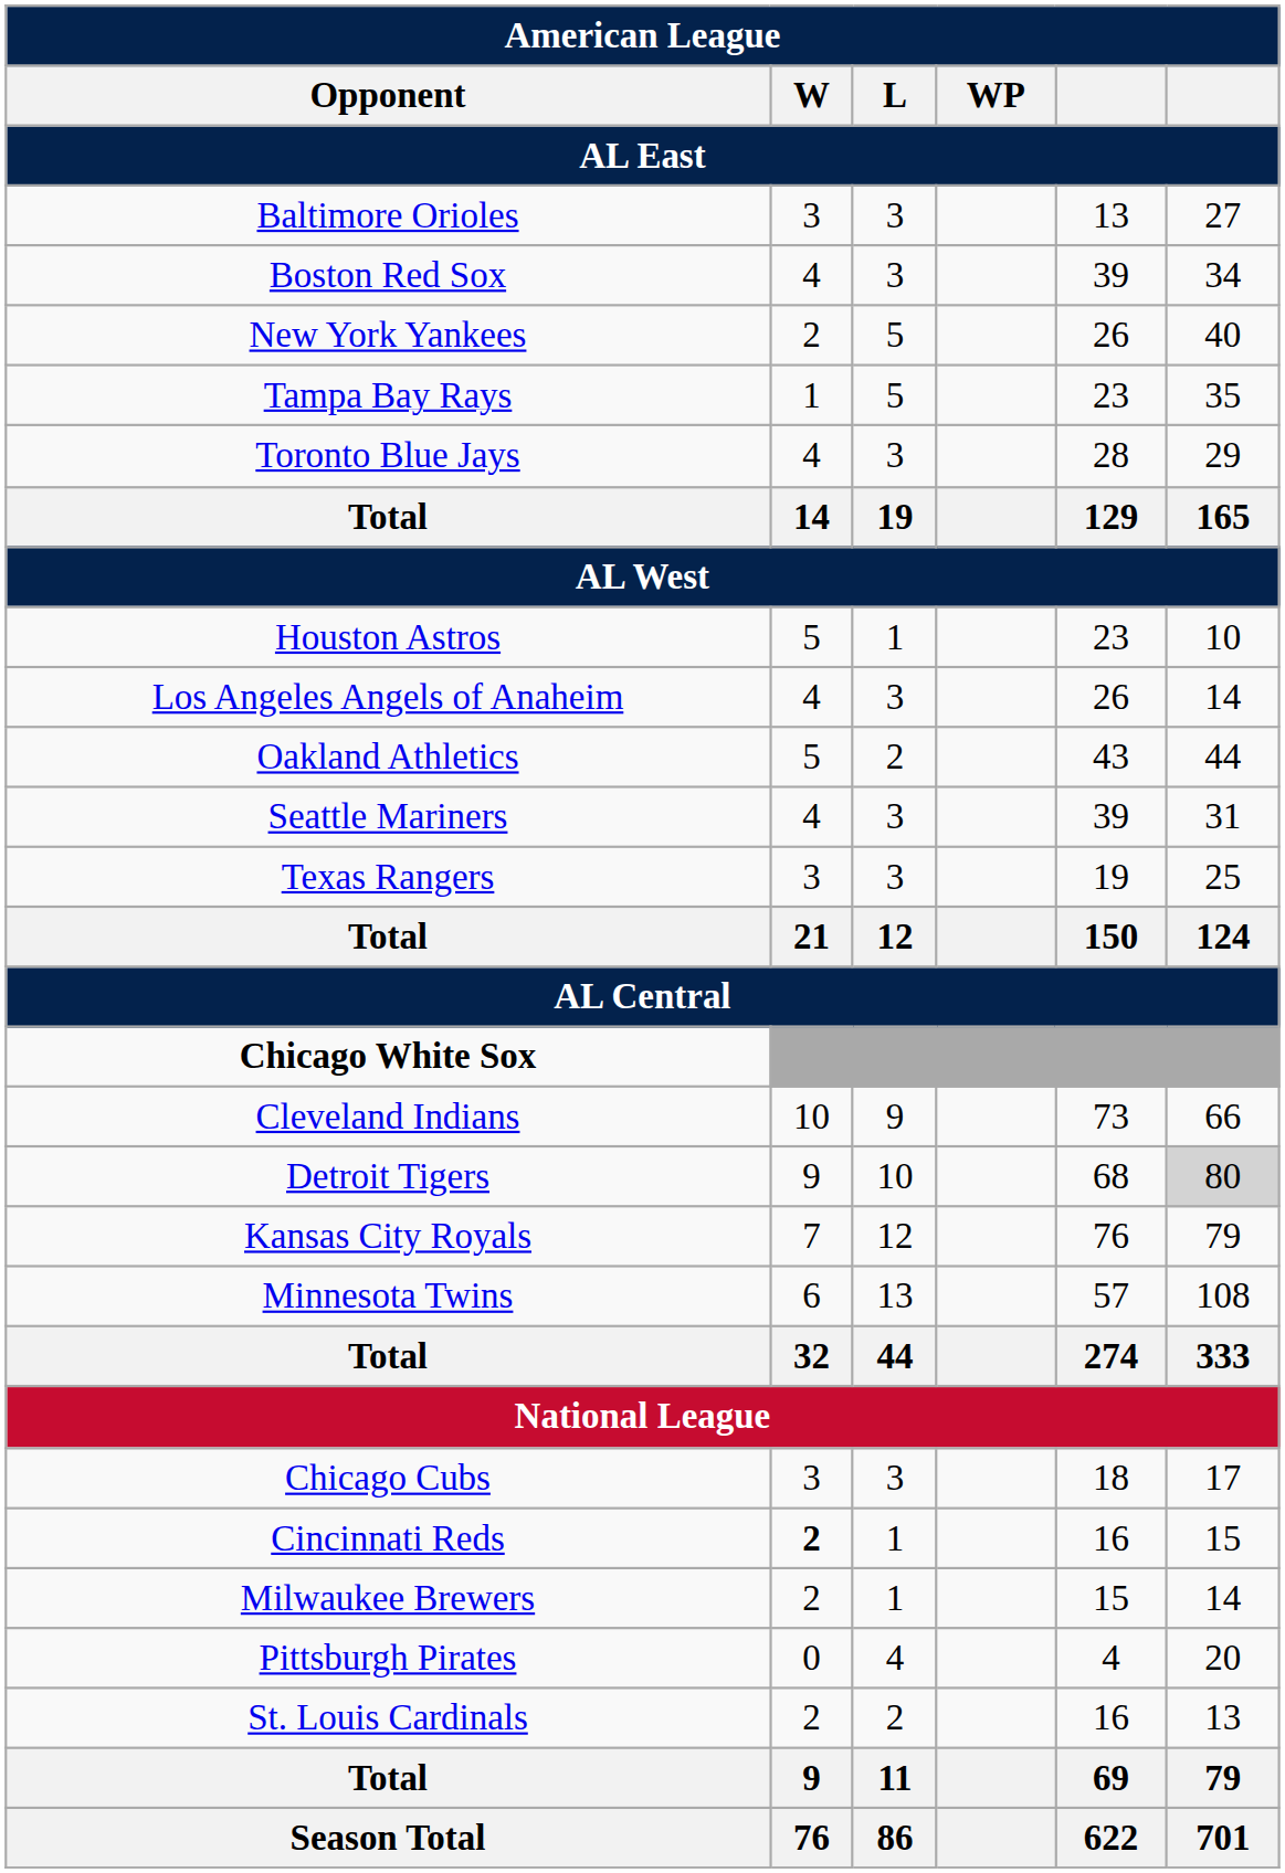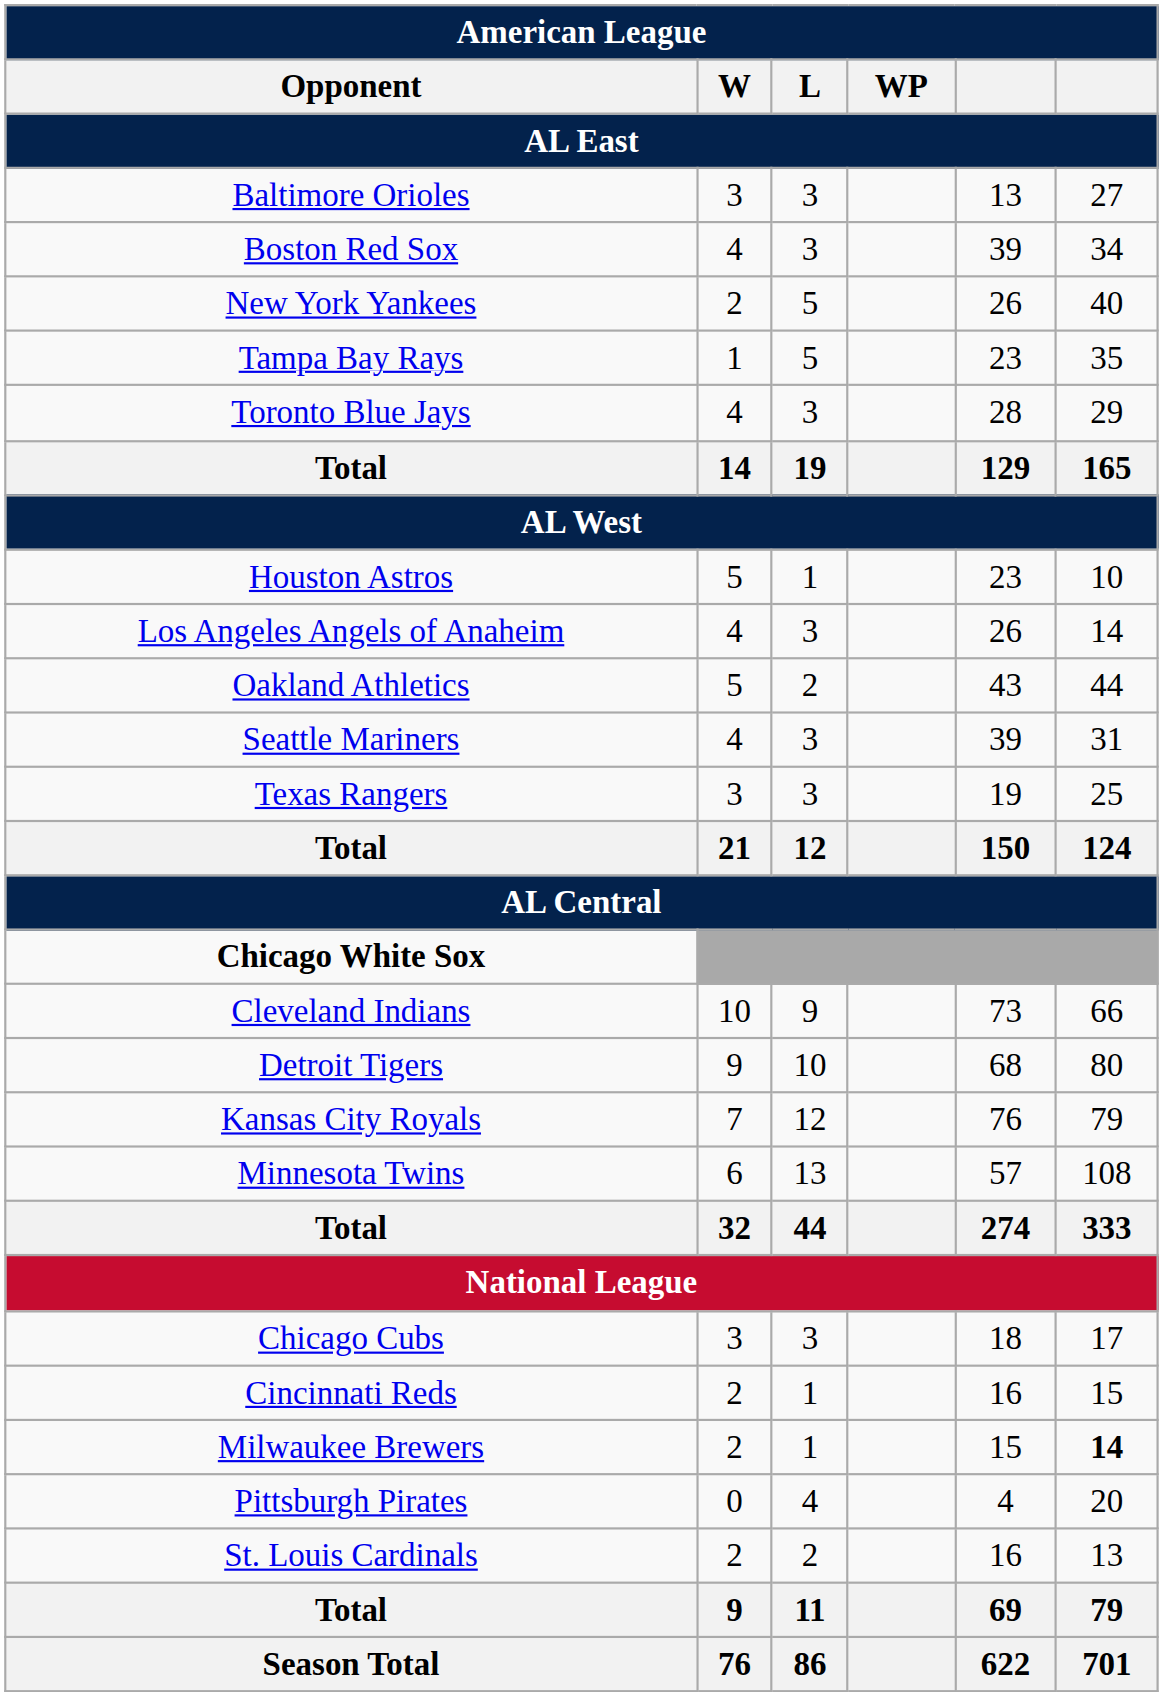 <table class="wikitable" style="font-size:95%; text-align:center; width:35em;margin: 0.5em auto;">
 <tr>
 <th colspan="7" style="background:#03224c; color:#ffffff;">American League</th>
 </tr>
 <tr>
 <th>Opponent</th>
 <th>W</th>
 <th>L</th>
 <th>WP</th>
 <th></th>
 <th></th>
 </tr>
 <tr>
 <th colspan="7" style="background:#03224c; color:#ffffff;">AL East</th>
 </tr>
 <tr>
 <td><a href='#'>Baltimore Orioles</a></td>
 <td>3</td>
 <td>3</td>
 <td></td>
 <td>13</td>
 <td>27</td>
 </tr>
 <tr>
 <td><a href='#'>Boston Red Sox</a></td>
 <td>4</td>
 <td>3</td>
 <td></td>
 <td>39</td>
 <td>34</td>
 </tr>
 <tr>
 <td><a href='#'>New York Yankees</a></td>
 <td>2</td>
 <td>5</td>
 <td></td>
 <td>26</td>
 <td>40</td>
 </tr>
 <tr>
 <td><a href='#'>Tampa Bay Rays</a></td>
 <td>1</td>
 <td>5</td>
 <td></td>
 <td>23</td>
 <td>35</td>
 </tr>
 <tr>
 <td><a href='#'>Toronto Blue Jays</a></td>
 <td>4</td>
 <td>3</td>
 <td></td>
 <td>28</td>
 <td>29</td>
 </tr>
 <tr>
 <th>Total</th>
 <th>14</th>
 <th>19</th>
 <th></th>
 <th>129</th>
 <th>165</th>
 </tr>
 <tr>
 <th colspan="7" style="background:#03224c; color:#ffffff;">AL West</th>
 </tr>
 <tr>
 <td><a href='#'>Houston Astros</a></td>
 <td>5</td>
 <td>1</td>
 <td></td>
 <td>23</td>
 <td>10</td>
 </tr>
 <tr>
 <td><a href='#'>Los Angeles Angels of Anaheim</a></td>
 <td>4</td>
 <td>3</td>
 <td></td>
 <td>26</td>
 <td>14</td>
 </tr>
 <tr>
 <td><a href='#'>Oakland Athletics</a></td>
 <td>5</td>
 <td>2</td>
 <td></td>
 <td>43</td>
 <td>44</td>
 </tr>
 <tr>
 <td><a href='#'>Seattle Mariners</a></td>
 <td>4</td>
 <td>3</td>
 <td></td>
 <td>39</td>
 <td>31</td>
 </tr>
 <tr>
 <td><a href='#'>Texas Rangers</a></td>
 <td>3</td>
 <td>3</td>
 <td></td>
 <td>19</td>
 <td>25</td>
 </tr>
 <tr>
 <th>Total</th>
 <th>21</th>
 <th>12</th>
 <th></th>
 <th>150</th>
 <th>124</th>
 </tr>
 <tr>
 <th colspan="7" style="background:#03224c; color:#ffffff;">AL Central</th>
 </tr>
 <tr>
 <td><strong>Chicago White Sox</strong></td>
 <td colspan=5 style="background:darkgray;"></td>
 </tr>
 <tr>
 <td><a href='#'>Cleveland Indians</a></td>
 <td>10</td>
 <td>9</td>
 <td></td>
 <td>73</td>
 <td>66</td>
 </tr>
 <tr>
 <td><a href='#'>Detroit Tigers</a></td>
 <td>9</td>
 <td>10</td>
 <td></td>
 <td>68</td>
-<td style="background: lightgrey;">80</td>
+<td>80</td>
 </tr>
 <tr>
 <td><a href='#'>Kansas City Royals</a></td>
 <td>7</td>
 <td>12</td>
 <td></td>
 <td>76</td>
 <td>79</td>
 </tr>
 <tr>
 <td><a href='#'>Minnesota Twins</a></td>
 <td>6</td>
 <td>13</td>
 <td></td>
 <td>57</td>
 <td>108</td>
 </tr>
 <tr>
 <th>Total</th>
 <th>32</th>
 <th>44</th>
 <th></th>
 <th>274</th>
 <th>333</th>
 </tr>
 <tr>
 <th colspan="7" style="background:#c60c30; color:#ffffff;">National League</th>
 </tr>
 <tr>
 <td><a href='#'>Chicago Cubs</a></td>
 <td>3</td>
 <td>3</td>
 <td></td>
 <td>18</td>
 <td>17</td>
 </tr>
 <tr>
 <td><a href='#'>Cincinnati Reds</a></td>
-<td><strong>2</strong></td>
+<td>2</td>
 <td>1</td>
 <td></td>
 <td>16</td>
 <td>15</td>
 </tr>
 <tr>
 <td><a href='#'>Milwaukee Brewers</a></td>
 <td>2</td>
 <td>1</td>
 <td></td>
 <td>15</td>
-<td>14</td>
+<td><strong>14</strong></td>
 </tr>
 <tr>
 <td><a href='#'>Pittsburgh Pirates</a></td>
 <td>0</td>
 <td>4</td>
 <td></td>
 <td>4</td>
 <td>20</td>
 </tr>
 <tr>
 <td><a href='#'>St. Louis Cardinals</a></td>
 <td>2</td>
 <td>2</td>
 <td></td>
 <td>16</td>
 <td>13</td>
 </tr>
 <tr>
 <th>Total</th>
 <th>9</th>
 <th>11</th>
 <th></th>
 <th>69</th>
 <th>79</th>
 </tr>
 <tr>
 <th>Season Total</th>
 <th>76</th>
 <th>86</th>
 <th></th>
 <th>622</th>
 <th>701</th>
 </tr>
 </table>
